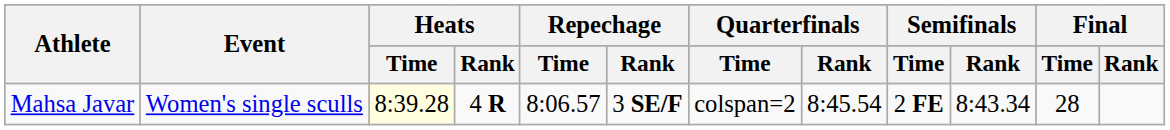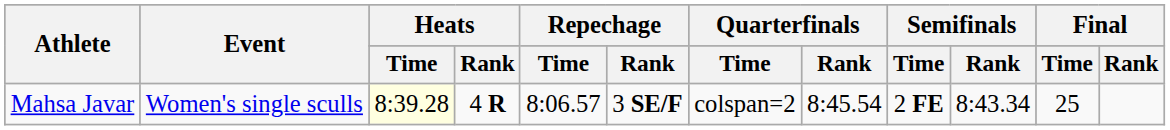 <table class="wikitable" style="font-size:90%">
 <tr>
 <th rowspan=2>Athlete</th>
 <th rowspan=2>Event</th>
 <th colspan="2">Heats</th>
 <th colspan="2">Repechage</th>
 <th colspan=2>Quarterfinals</th>
 <th colspan="2">Semifinals</th>
 <th colspan="2">Final</th>
 </tr>
 <tr style="font-size:95%">
 <th>Time</th>
 <th>Rank</th>
 <th>Time</th>
 <th>Rank</th>
 <th>Time</th>
 <th>Rank</th>
 <th>Time</th>
 <th>Rank</th>
 <th>Time</th>
 <th>Rank</th>
 </tr>
 <tr align=center>
 <td align=left><a href='#'>Mahsa Javar</a></td>
 <td align=left><a href='#'>Women's single sculls</a></td>
 <td style="background: lightyellow;">8:39.28</td>
 <td>4 <strong>R</strong></td>
 <td>8:06.57</td>
 <td>3 <strong>SE/F</strong></td>
 <td>colspan=2 </td>
 <td>8:45.54</td>
 <td>2 <strong>FE</strong></td>
 <td>8:43.34</td>
-<td>28</td>
+<td>25</td>
 </tr>
 </table>
